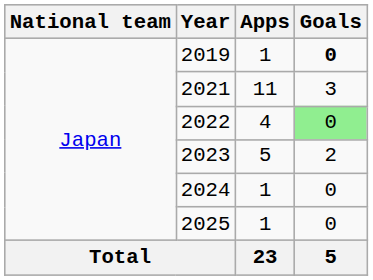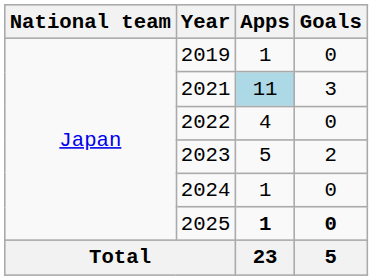 <table class="wikitable" style="text-align:center">
 <tr>
 <th>National team</th>
 <th>Year</th>
 <th>Apps</th>
 <th>Goals</th>
 </tr>
 <tr>
 <td rowspan="6"><a href='#'>Japan</a></td>
 <td>2019</td>
 <td>1</td>
-<td><strong>0</strong></td>
+<td>0</td>
 </tr>
 <tr>
 <td>2021</td>
-<td>11</td>
+<td style="background: lightblue;">11</td>
 <td>3</td>
 </tr>
 <tr>
 <td>2022</td>
 <td>4</td>
-<td style="background: lightgreen;">0</td>
+<td>0</td>
 </tr>
 <tr>
 <td>2023</td>
 <td>5</td>
 <td>2</td>
 </tr>
 <tr>
 <td>2024</td>
 <td>1</td>
 <td>0</td>
 </tr>
 <tr>
 <td>2025</td>
-<td>1</td>
-<td>0</td>
+<td><strong>1</strong></td>
+<td><strong>0</strong></td>
 </tr>
 <tr>
 <th colspan="2">Total</th>
 <th>23</th>
 <th>5</th>
 </tr>
 </table>
